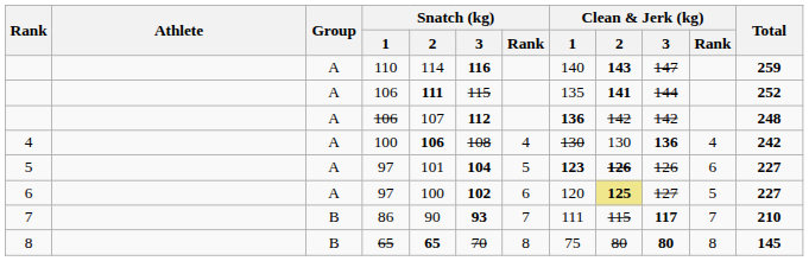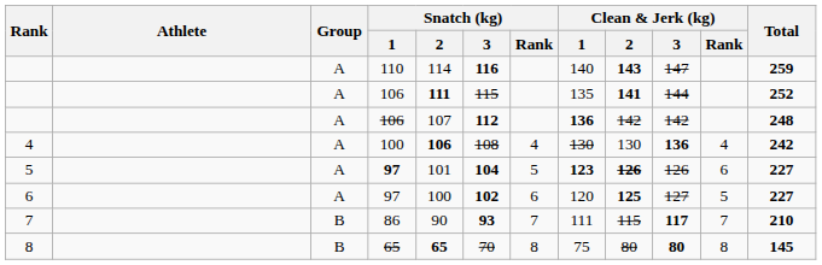 <table class = "wikitable" style="text-align:center;">
 <tr>
 <th rowspan=2 width=40>Rank</th>
 <th rowspan=2 width=250>Athlete</th>
 <th rowspan=2 width=50>Group</th>
 <th colspan=4>Snatch (kg)</th>
 <th colspan=4>Clean & Jerk (kg)</th>
 <th rowspan=2 width=60>Total</th>
 </tr>
 <tr>
 <th width=40>1</th>
 <th width=40>2</th>
 <th width=40>3</th>
 <th width=40>Rank</th>
 <th width=40>1</th>
 <th width=40>2</th>
 <th width=40>3</th>
 <th width=40>Rank</th>
 </tr>
 <tr>
 <td></td>
 <td align=left></td>
 <td>A</td>
 <td>110</td>
 <td>114</td>
 <td><strong>116</strong></td>
 <td></td>
 <td>140</td>
 <td><strong>143</strong></td>
 <td><s>147</s></td>
 <td></td>
 <td><strong>259</strong></td>
 </tr>
 <tr>
 <td></td>
 <td align=left></td>
 <td>A</td>
 <td>106</td>
 <td><strong>111</strong></td>
 <td><s>115</s></td>
 <td></td>
 <td>135</td>
 <td><strong>141</strong></td>
 <td><s>144</s></td>
 <td></td>
 <td><strong>252</strong></td>
 </tr>
 <tr>
 <td></td>
 <td align=left></td>
 <td>A</td>
 <td><s>106</s></td>
 <td>107</td>
 <td><strong>112</strong></td>
 <td></td>
 <td><strong>136</strong></td>
 <td><s>142</s></td>
 <td><s>142</s></td>
 <td></td>
 <td><strong>248</strong></td>
 </tr>
 <tr>
 <td>4</td>
 <td align=left></td>
 <td>A</td>
 <td>100</td>
 <td><strong>106</strong></td>
 <td><s>108</s></td>
 <td>4</td>
 <td><s>130</s></td>
 <td>130</td>
 <td><strong>136</strong></td>
 <td>4</td>
 <td><strong>242</strong></td>
 </tr>
 <tr>
 <td>5</td>
 <td align=left></td>
 <td>A</td>
-<td>97</td>
+<td><strong>97</strong></td>
 <td>101</td>
 <td><strong>104</strong></td>
 <td>5</td>
 <td><strong>123</strong></td>
 <td><strong><s>126</s></strong></td>
 <td><s>126</s></td>
 <td>6</td>
 <td><strong>227</strong></td>
 </tr>
 <tr>
 <td>6</td>
 <td align=left></td>
 <td>A</td>
 <td>97</td>
 <td>100</td>
 <td><strong>102</strong></td>
 <td>6</td>
 <td>120</td>
-<td style="background: khaki;"><strong>125</strong></td>
+<td><strong>125</strong></td>
 <td><s>127</s></td>
 <td>5</td>
 <td><strong>227</strong></td>
 </tr>
 <tr>
 <td>7</td>
 <td align=left></td>
 <td>B</td>
 <td>86</td>
 <td>90</td>
 <td><strong>93</strong></td>
 <td>7</td>
 <td>111</td>
 <td><s>115</s></td>
 <td><strong>117</strong></td>
 <td>7</td>
 <td><strong>210</strong></td>
 </tr>
 <tr>
 <td>8</td>
 <td align=left></td>
 <td>B</td>
 <td><s>65</s></td>
 <td><strong>65</strong></td>
 <td><s>70</s></td>
 <td>8</td>
 <td>75</td>
 <td><s>80</s></td>
 <td><strong>80</strong></td>
 <td>8</td>
 <td><strong>145</strong></td>
 </tr>
 </table>
